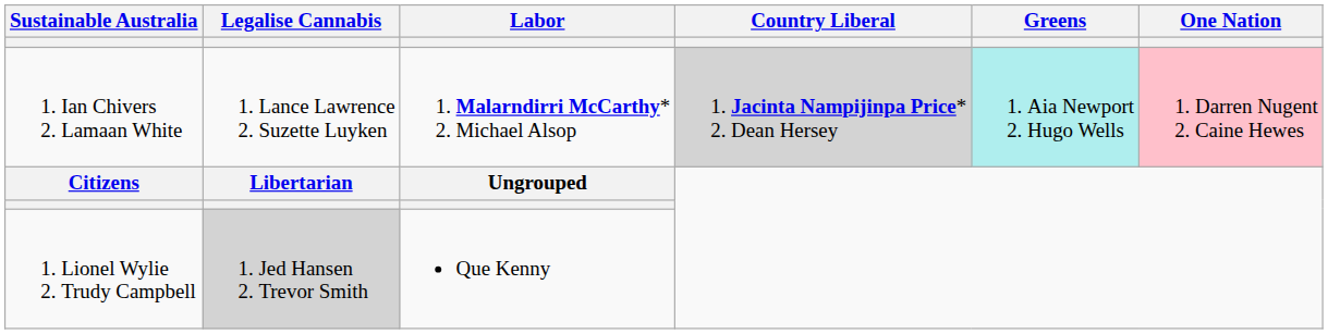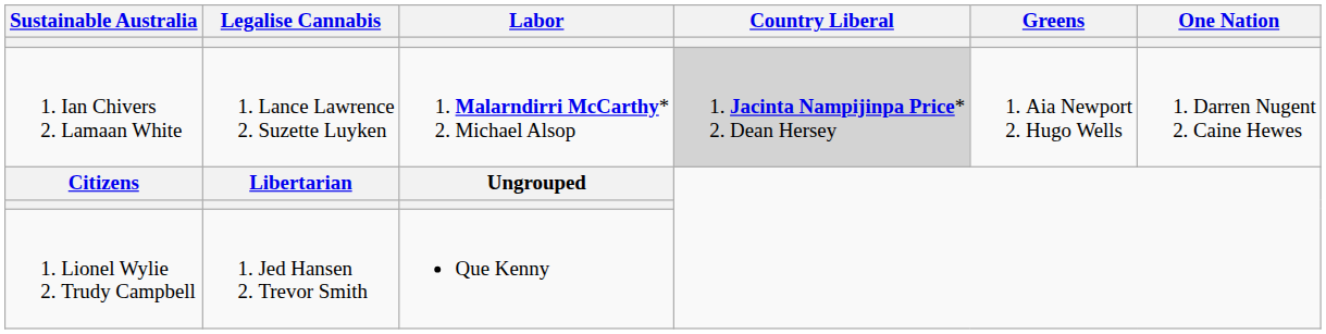 <table class=wikitable>
 <tr>
 <th><a href='#'>Sustainable Australia</a></th>
 <th><a href='#'>Legalise Cannabis</a></th>
 <th><a href='#'>Labor</a></th>
 <th><a href='#'>Country Liberal</a></th>
 <th><a href='#'>Greens</a></th>
 <th><a href='#'>One Nation</a></th>
 </tr>
 <tr style=background:#ccc>
 <th></th>
 <th></th>
 <th></th>
 <th></th>
 <th></th>
 <th></th>
 </tr>
 <tr>
 <td valign=top><br><ol> <li> Ian Chivers <li> Lamaan White </ol></td>
 <td valign=top><br><ol> <li> Lance Lawrence <li> Suzette Luyken </ol></td>
 <td><br><ol> <li> <strong><a href='#'>Malarndirri McCarthy</a></strong>* <li> Michael Alsop </ol></td>
 <td style="background: lightgrey;"><br><ol> <li>  <strong><a href='#'>Jacinta Nampijinpa Price</a></strong>* <li> Dean Hersey </ol></td>
-<td valign=top style="background: paleturquoise;"><br><ol> <li> Aia Newport <li> Hugo Wells </ol></td>
-<td valign=top style="background: pink;"><br><ol> <li> Darren Nugent <li> Caine Hewes </ol></td>
+<td valign=top><br><ol> <li> Aia Newport <li> Hugo Wells </ol></td>
+<td valign=top><br><ol> <li> Darren Nugent <li> Caine Hewes </ol></td>
 </tr>
 <tr>
 <th><a href='#'>Citizens</a></th>
 <th><a href='#'>Libertarian</a></th>
 <th>Ungrouped</th>
 </tr>
 <tr>
 <th></th>
 <th></th>
 <th></th>
 </tr>
 <tr>
 <td valign=top><br><ol> <li> Lionel Wylie <li> Trudy Campbell </ol></td>
-<td valign=top style="background: lightgrey;"><br><ol> <li> Jed Hansen <li> Trevor Smith </ol></td>
+<td valign=top><br><ol> <li> Jed Hansen <li> Trevor Smith </ol></td>
 <td valign=top><br><ul> <li> Que Kenny </ul></td>
 </tr>
 </table>
